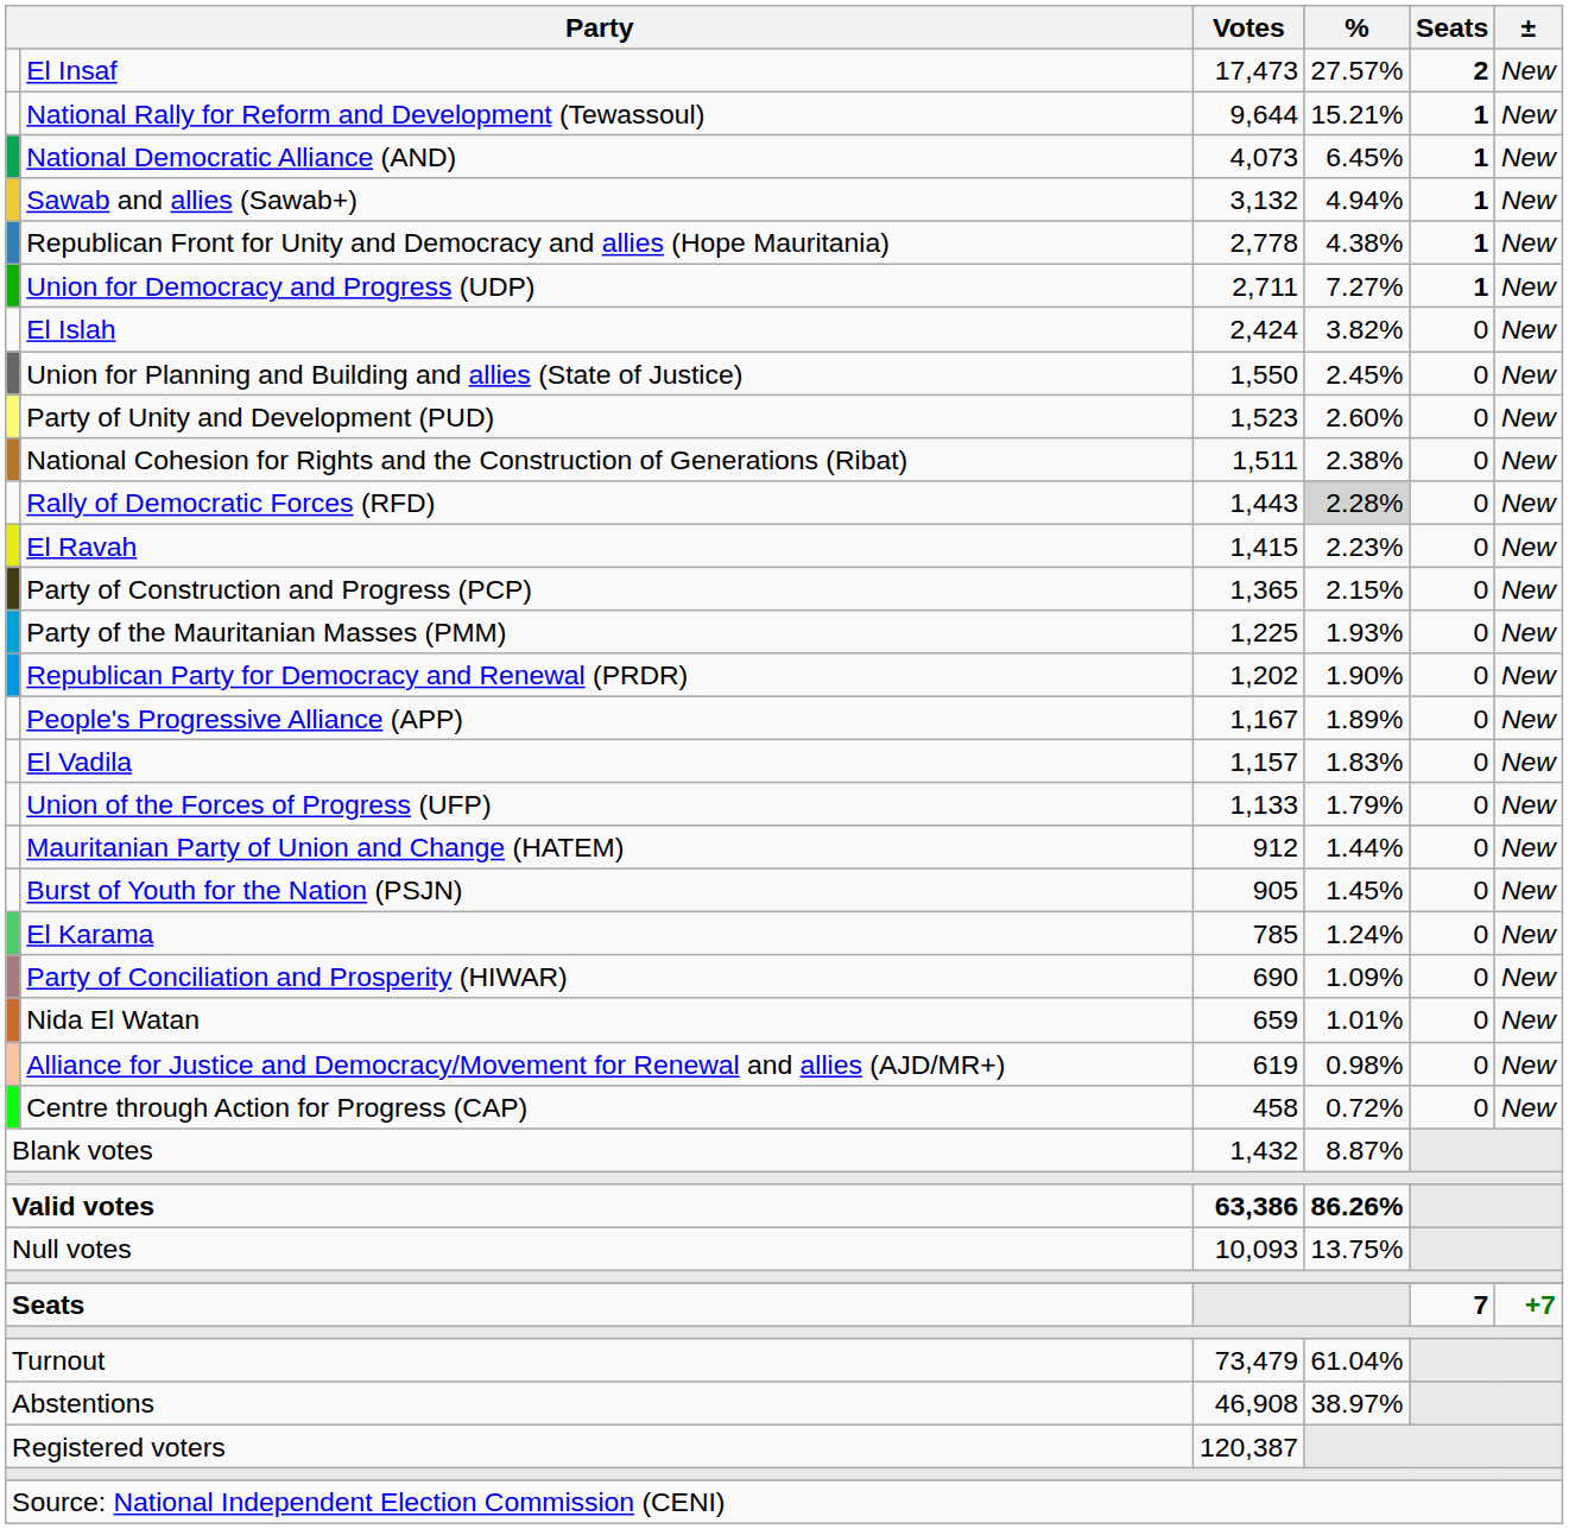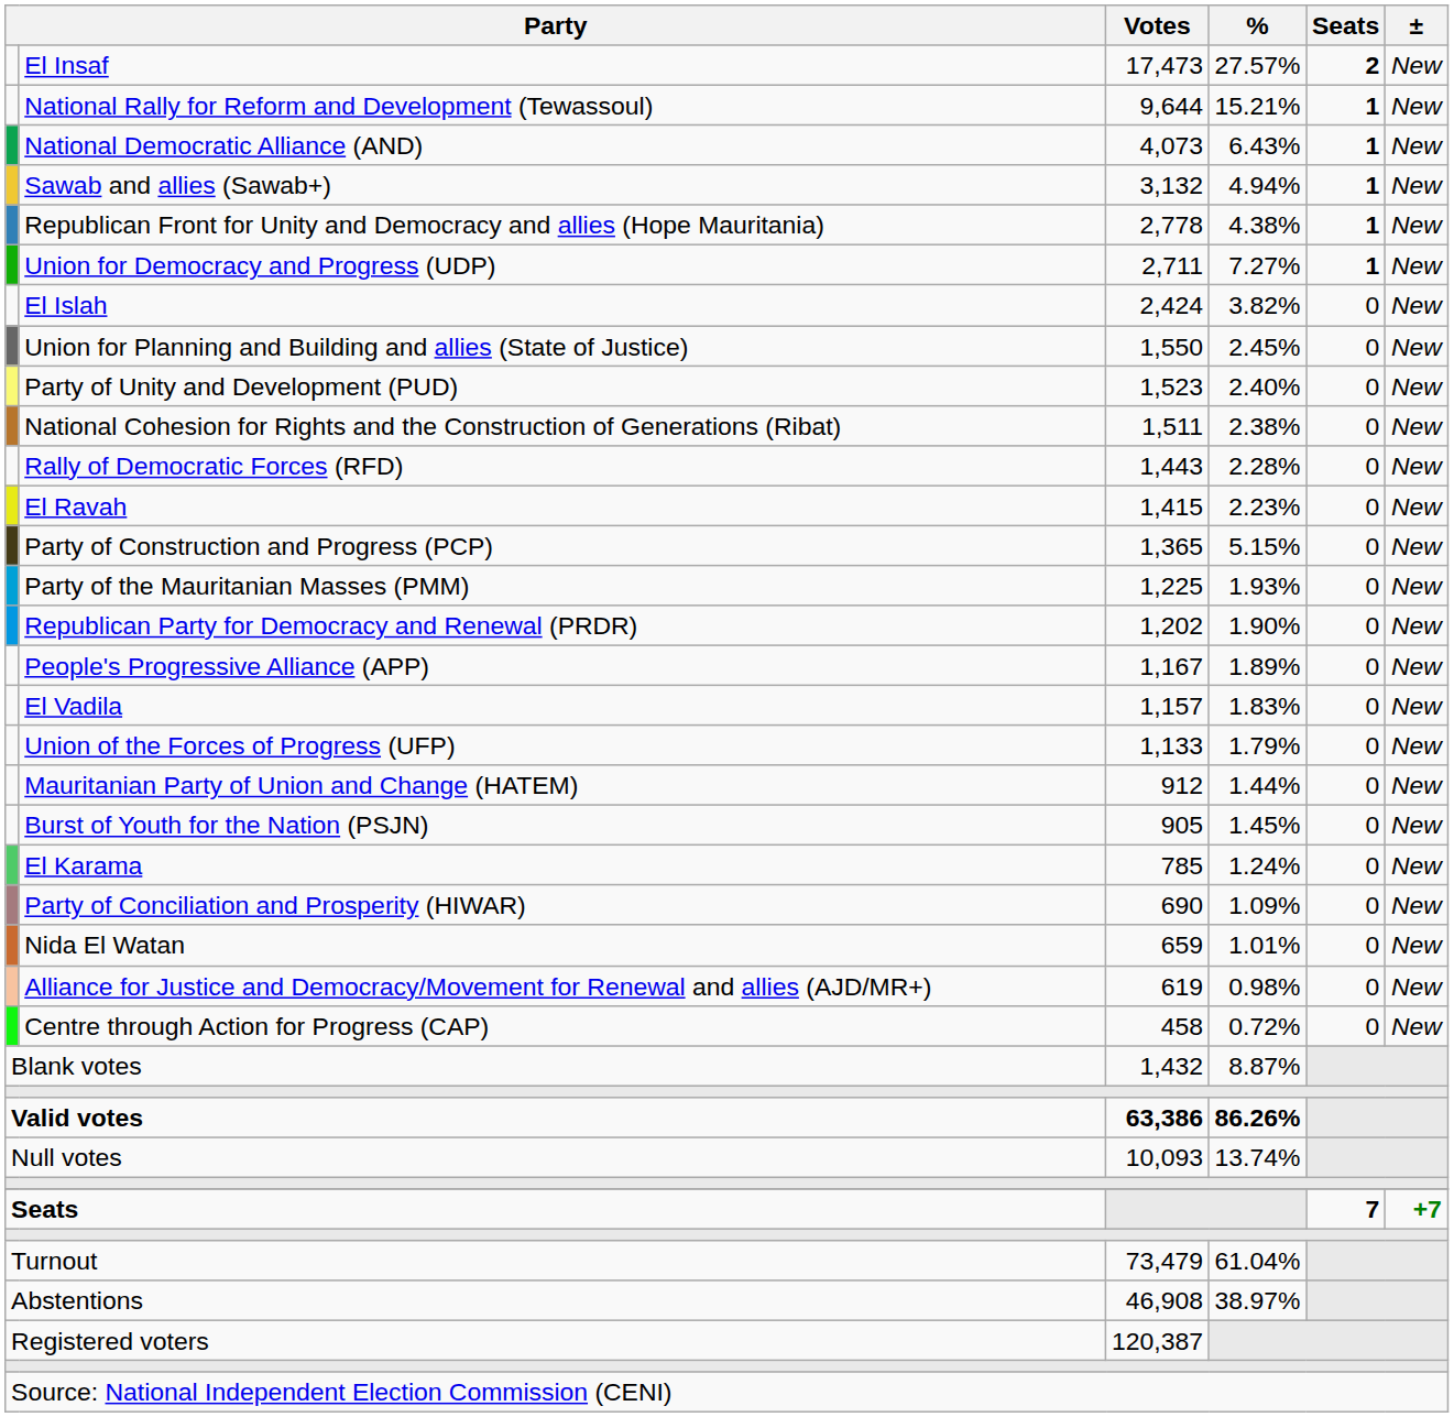 <table class="wikitable" style="text-align:right;font-size:95%;">
 <tr>
 <th width="700" colspan="2">Party</th>
 <th width="50">Votes</th>
 <th width="50">%</th>
 <th width="25">Seats</th>
 <th width="20">±</th>
 </tr>
 <tr>
 <td width="1" style="color:inherit;background:"></td>
 <td style="text-align:left;"><a href='#'>El Insaf</a></td>
 <td>17,473</td>
 <td>27.57%</td>
 <td><strong>2</strong></td>
 <td><em>New</em></td>
 </tr>
 <tr>
 <td width="1" style="color:inherit;background:"></td>
 <td style="text-align:left;"><a href='#'>National Rally for Reform and Development</a> (Tewassoul)</td>
 <td>9,644</td>
 <td>15.21%</td>
 <td><strong>1</strong></td>
 <td><em>New</em></td>
 </tr>
 <tr>
 <td width="1" style="color:inherit;background:#0AA450;"></td>
 <td style="text-align:left;"><a href='#'>National Democratic Alliance</a> (AND)</td>
 <td>4,073</td>
-<td>6.45%</td>
+<td>6.43%</td>
 <td><strong>1</strong></td>
 <td><em>New</em></td>
 </tr>
 <tr>
 <td width="1" style="color:inherit;background:#F0C832;"></td>
 <td style="text-align:left;"><a href='#'>Sawab</a> and <a href='#'>allies</a> (Sawab+)</td>
 <td>3,132</td>
 <td>4.94%</td>
 <td><strong>1</strong></td>
 <td><em>New</em></td>
 </tr>
 <tr>
 <td width="1" style="color:inherit;background:#3080B7;"></td>
 <td style="text-align:left;">Republican Front for Unity and Democracy and <a href='#'>allies</a> (Hope Mauritania)</td>
 <td>2,778</td>
 <td>4.38%</td>
 <td><strong>1</strong></td>
 <td><em>New</em></td>
 </tr>
 <tr>
 <td width="1" style="color:inherit;background:#0FAF05;"></td>
 <td style="text-align:left;"><a href='#'>Union for Democracy and Progress</a> (UDP)</td>
 <td>2,711</td>
 <td>7.27%</td>
 <td><strong>1</strong></td>
 <td><em>New</em></td>
 </tr>
 <tr>
 <td width="1" style="color:inherit;background:"></td>
 <td style="text-align:left;"><a href='#'>El Islah</a></td>
 <td>2,424</td>
 <td>3.82%</td>
 <td>0</td>
 <td><em>New</em></td>
 </tr>
 <tr>
 <td width="1" style="color:inherit;background:#666666;"></td>
 <td style="text-align:left;">Union for Planning and Building and <a href='#'>allies</a> (State of Justice)</td>
 <td>1,550</td>
 <td>2.45%</td>
 <td>0</td>
 <td><em>New</em></td>
 </tr>
 <tr>
 <td width="1" style="color:inherit;background:#FAFA75;"></td>
 <td style="text-align:left;">Party of Unity and Development (PUD)</td>
 <td>1,523</td>
-<td>2.60%</td>
+<td>2.40%</td>
 <td>0</td>
 <td><em>New</em></td>
 </tr>
 <tr>
 <td width="1" style="color:inherit;background:#B7752C;"></td>
 <td style="text-align:left;">National Cohesion for Rights and the Construction of Generations (Ribat)</td>
 <td>1,511</td>
 <td>2.38%</td>
 <td>0</td>
 <td><em>New</em></td>
 </tr>
 <tr>
 <td width="1" style="color:inherit;background:"></td>
 <td style="text-align:left;"><a href='#'>Rally of Democratic Forces</a> (RFD)</td>
 <td>1,443</td>
-<td style="background: lightgrey;">2.28%</td>
+<td>2.28%</td>
 <td>0</td>
 <td><em>New</em></td>
 </tr>
 <tr>
 <td width="1" style="color:inherit;background:#E7EB16;"></td>
 <td style="text-align:left;"><a href='#'>El Ravah</a></td>
 <td>1,415</td>
 <td>2.23%</td>
 <td>0</td>
 <td><em>New</em></td>
 </tr>
 <tr>
 <td width="1" style="color:inherit;background:#433A16;"></td>
 <td style="text-align:left;">Party of Construction and Progress (PCP)</td>
 <td>1,365</td>
-<td>2.15%</td>
+<td>5.15%</td>
 <td>0</td>
 <td><em>New</em></td>
 </tr>
 <tr>
 <td width="1" style="color:inherit;background:#00A1D7;"></td>
 <td style="text-align:left;">Party of the Mauritanian Masses (PMM)</td>
 <td>1,225</td>
 <td>1.93%</td>
 <td>0</td>
 <td><em>New</em></td>
 </tr>
 <tr>
 <td width="1" style="color:inherit;background:#0198E2;"></td>
 <td style="text-align:left;"><a href='#'>Republican Party for Democracy and Renewal</a> (PRDR)</td>
 <td>1,202</td>
 <td>1.90%</td>
 <td>0</td>
 <td><em>New</em></td>
 </tr>
 <tr>
 <td width="1" style="color:inherit;background:"></td>
 <td style="text-align:left;"><a href='#'>People's Progressive Alliance</a> (APP)</td>
 <td>1,167</td>
 <td>1.89%</td>
 <td>0</td>
 <td><em>New</em></td>
 </tr>
 <tr>
 <td width="1" style="color:inherit;background:"></td>
 <td style="text-align:left;"><a href='#'>El Vadila</a></td>
 <td>1,157</td>
 <td>1.83%</td>
 <td>0</td>
 <td><em>New</em></td>
 </tr>
 <tr>
 <td width="1" style="color:inherit;background:"></td>
 <td style="text-align:left;"><a href='#'>Union of the Forces of Progress</a> (UFP)</td>
 <td>1,133</td>
 <td>1.79%</td>
 <td>0</td>
 <td><em>New</em></td>
 </tr>
 <tr>
 <td width="1" style="color:inherit;background:"></td>
 <td style="text-align:left;"><a href='#'>Mauritanian Party of Union and Change</a> (HATEM)</td>
 <td>912</td>
 <td>1.44%</td>
 <td>0</td>
 <td><em>New</em></td>
 </tr>
 <tr>
 <td width="1" style="color:inherit;background:"></td>
 <td style="text-align:left;"><a href='#'>Burst of Youth for the Nation</a> (PSJN)</td>
 <td>905</td>
 <td>1.45%</td>
 <td>0</td>
 <td><em>New</em></td>
 </tr>
 <tr>
 <td width="1" style="color:inherit;background:#4FCB68;"></td>
 <td style="text-align:left;"><a href='#'>El Karama</a></td>
 <td>785</td>
 <td>1.24%</td>
 <td>0</td>
 <td><em>New</em></td>
 </tr>
 <tr>
 <td width="1" style="color:inherit;background:#A47A7E;"></td>
 <td style="text-align:left;"><a href='#'>Party of Conciliation and Prosperity</a> (HIWAR)</td>
 <td>690</td>
 <td>1.09%</td>
 <td>0</td>
 <td><em>New</em></td>
 </tr>
 <tr>
 <td width="1" style="color:inherit;background:#C96A2F;"></td>
 <td style="text-align:left;">Nida El Watan</td>
 <td>659</td>
 <td>1.01%</td>
 <td>0</td>
 <td><em>New</em></td>
 </tr>
 <tr>
 <td width="1" style="color:inherit;background:#F8C3A0;"></td>
 <td style="text-align:left;"><a href='#'>Alliance for Justice and Democracy/Movement for Renewal</a> and <a href='#'>allies</a> (AJD/MR+)</td>
 <td>619</td>
 <td>0.98%</td>
 <td>0</td>
 <td><em>New</em></td>
 </tr>
 <tr>
 <td width="1" style="color:inherit;background:#0EF70E;"></td>
 <td style="text-align:left;">Centre through Action for Progress (CAP)</td>
 <td>458</td>
 <td>0.72%</td>
 <td>0</td>
 <td><em>New</em></td>
 </tr>
 <tr>
 <td colspan="2" style="text-align:left;">Blank votes</td>
 <td>1,432</td>
 <td>8.87%</td>
 <td colspan="2" style="background:#E9E9E9;"></td>
 </tr>
 <tr>
 <td colspan="6" style="background:#E9E9E9;"></td>
 </tr>
 <tr style="font-weight:bold;">
 <td colspan="2" style="text-align:left;">Valid votes</td>
 <td>63,386</td>
 <td>86.26%</td>
 <td colspan="2" style="background:#E9E9E9;"></td>
 </tr>
 <tr>
 <td colspan="2" style="text-align:left;">Null votes</td>
 <td>10,093</td>
-<td>13.75%</td>
+<td>13.74%</td>
 <td colspan="2" style="background:#E9E9E9;"></td>
 </tr>
 <tr>
 <td colspan="6" style="background:#E9E9E9;"></td>
 </tr>
 <tr>
 </tr>
 <tr style="font-weight:bold;">
 <td colspan="2" style="text-align:left;">Seats</td>
 <td colspan="2" style="background:#E9E9E9;"></td>
 <td>7</td>
 <td style="color:green;">+7</td>
 </tr>
 <tr>
 <td colspan="6" style="background:#E9E9E9;"></td>
 </tr>
 <tr>
 <td colspan="2" style="text-align:left;">Turnout</td>
 <td>73,479</td>
 <td>61.04%</td>
 <td colspan="2" style="background:#E9E9E9;"></td>
 </tr>
 <tr>
 <td colspan="2" style="text-align:left;">Abstentions</td>
 <td>46,908</td>
 <td>38.97%</td>
 <td colspan="2" style="background:#E9E9E9;"></td>
 </tr>
 <tr>
 <td colspan="2" style="text-align:left;">Registered voters</td>
 <td>120,387</td>
 <td colspan="3" style="background:#E9E9E9;"></td>
 </tr>
 <tr>
 <td colspan="6" style="background:#E9E9E9;"></td>
 </tr>
 <tr>
 <td colspan="6" style="text-align:left;">Source: <a href='#'>National Independent Election Commission</a> (CENI)</td>
 </tr>
 </table>
